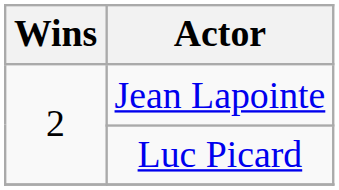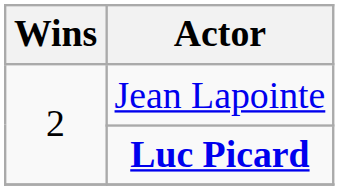 <table class="wikitable" style="text-align:center;">
 <tr>
 <th scope="col" width="6">Wins</th>
 <th scope="col" align="center">Actor</th>
 </tr>
 <tr>
 <td rowspan="2" style="text-align:center;">2</td>
 <td><a href='#'>Jean Lapointe</a></td>
 </tr>
 <tr>
-<td><a href='#'>Luc Picard</a></td>
+<td><strong><a href='#'>Luc Picard</a></strong></td>
 </tr>
 <tr>
 </tr>
 </table>
